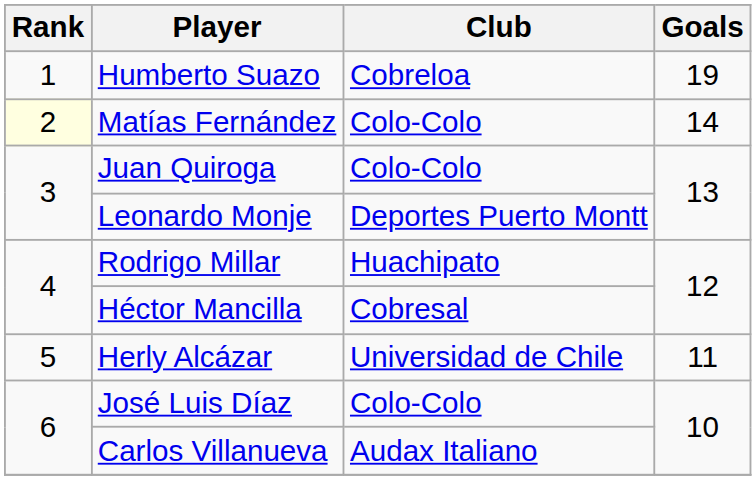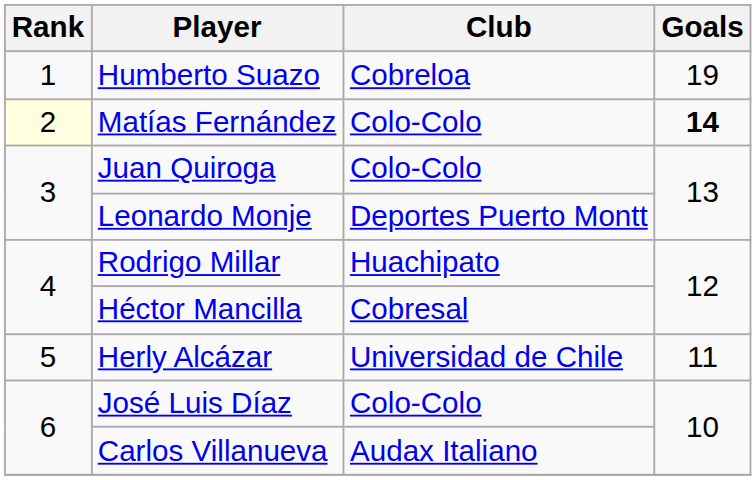 <table class="wikitable" style="text-align:center">
 <tr>
 <th>Rank</th>
 <th>Player</th>
 <th>Club</th>
 <th>Goals</th>
 </tr>
 <tr>
 <td>1</td>
 <td align="left"> <a href='#'>Humberto Suazo</a></td>
 <td align="left"><a href='#'>Cobreloa</a></td>
 <td>19</td>
 </tr>
 <tr>
 <td style="background: lightyellow;">2</td>
 <td align="left"> <a href='#'>Matías Fernández</a></td>
 <td align="left"><a href='#'>Colo-Colo</a></td>
-<td>14</td>
+<td><strong>14</strong></td>
 </tr>
 <tr>
 <td rowspan="2">3</td>
 <td align="left"> <a href='#'>Juan Quiroga</a></td>
 <td align="left"><a href='#'>Colo-Colo</a></td>
 <td rowspan="2">13</td>
 </tr>
 <tr>
 <td align="left"> <a href='#'>Leonardo Monje</a></td>
 <td align="left"><a href='#'>Deportes Puerto Montt</a></td>
 </tr>
 <tr>
 <td rowspan="2">4</td>
 <td align="left"> <a href='#'>Rodrigo Millar</a></td>
 <td align="left"><a href='#'>Huachipato</a></td>
 <td rowspan="2">12</td>
 </tr>
 <tr>
 <td align="left"> <a href='#'>Héctor Mancilla</a></td>
 <td align="left"><a href='#'>Cobresal</a></td>
 </tr>
 <tr>
 <td>5</td>
 <td align="left"> <a href='#'>Herly Alcázar</a></td>
 <td align="left"><a href='#'>Universidad de Chile</a></td>
 <td>11</td>
 </tr>
 <tr>
 <td rowspan="2">6</td>
 <td align="left"> <a href='#'>José Luis Díaz</a></td>
 <td align="left"><a href='#'>Colo-Colo</a></td>
 <td rowspan="2">10</td>
 </tr>
 <tr>
 <td align="left"> <a href='#'>Carlos Villanueva</a></td>
 <td align="left"><a href='#'>Audax Italiano</a></td>
 </tr>
 <tr>
 </tr>
 </table>
